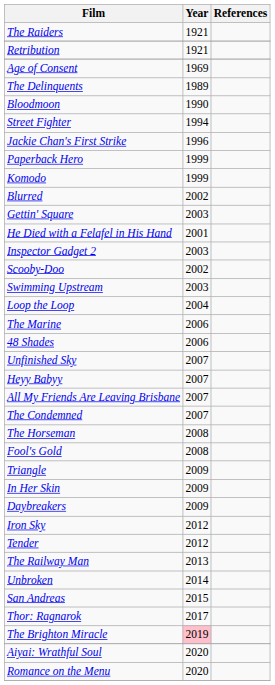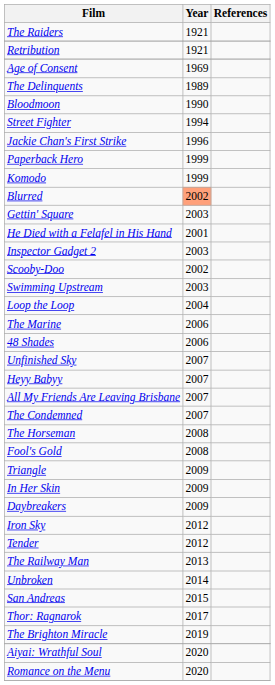 <table class="sortable wikitable" style="text-align: left">
 <tr>
 <th>Film</th>
 <th>Year</th>
 <th>References</th>
 </tr>
 <tr>
 <td><em><a href='#'>The Raiders</a></em></td>
 <td>1921</td>
 <td></td>
 </tr>
 <tr>
 </tr>
 <tr>
 <td><em><a href='#'>Retribution</a></em></td>
 <td>1921</td>
 <td></td>
 </tr>
 <tr>
 </tr>
 <tr>
 <td><em><a href='#'>Age of Consent</a></em></td>
 <td>1969</td>
 <td></td>
 </tr>
 <tr>
 <td><em><a href='#'>The Delinquents</a></em></td>
 <td>1989</td>
 <td></td>
 </tr>
 <tr>
 <td><em><a href='#'>Bloodmoon</a></em></td>
 <td>1990</td>
 <td></td>
 </tr>
 <tr>
 <td><em><a href='#'>Street Fighter</a></em></td>
 <td>1994</td>
 <td></td>
 </tr>
 <tr>
 <td><em><a href='#'>Jackie Chan's First Strike</a></em></td>
 <td>1996</td>
 <td></td>
 </tr>
 <tr>
 <td><em><a href='#'>Paperback Hero</a></em></td>
 <td>1999</td>
 <td></td>
 </tr>
 <tr>
 <td><em><a href='#'>Komodo</a></em></td>
 <td>1999</td>
 <td></td>
 </tr>
 <tr>
 <td><em><a href='#'>Blurred</a></em></td>
-<td>2002</td>
+<td style="background: lightsalmon;">2002</td>
 <td></td>
 </tr>
 <tr>
 <td><em><a href='#'>Gettin' Square</a></em></td>
 <td>2003</td>
 <td></td>
 </tr>
 <tr>
 <td><em><a href='#'>He Died with a Felafel in His Hand</a></em></td>
 <td>2001</td>
 <td></td>
 </tr>
 <tr>
 <td><em><a href='#'>Inspector Gadget 2</a></em></td>
 <td>2003</td>
 <td></td>
 </tr>
 <tr>
 <td><em><a href='#'>Scooby-Doo</a></em></td>
 <td>2002</td>
 <td></td>
 </tr>
 <tr>
 <td><em><a href='#'>Swimming Upstream</a></em></td>
 <td>2003</td>
 <td></td>
 </tr>
 <tr>
 <td><em><a href='#'>Loop the Loop</a></em></td>
 <td>2004</td>
 <td></td>
 </tr>
 <tr>
 <td><em><a href='#'>The Marine</a></em></td>
 <td>2006</td>
 <td></td>
 </tr>
 <tr>
 <td><em><a href='#'>48 Shades</a></em></td>
 <td>2006</td>
 <td></td>
 </tr>
 <tr>
 <td><em><a href='#'>Unfinished Sky</a></em></td>
 <td>2007</td>
 <td></td>
 </tr>
 <tr>
 <td><em><a href='#'>Heyy Babyy</a></em></td>
 <td>2007</td>
 <td></td>
 </tr>
 <tr>
 <td><em><a href='#'>All My Friends Are Leaving Brisbane</a></em></td>
 <td>2007</td>
 <td></td>
 </tr>
 <tr>
 <td><em><a href='#'>The Condemned</a></em></td>
 <td>2007</td>
 <td></td>
 </tr>
 <tr>
 <td><em><a href='#'>The Horseman</a></em></td>
 <td>2008</td>
 <td></td>
 </tr>
 <tr>
 <td><em><a href='#'>Fool's Gold</a></em></td>
 <td>2008</td>
 <td></td>
 </tr>
 <tr>
 <td><em><a href='#'>Triangle</a></em></td>
 <td>2009</td>
 <td></td>
 </tr>
 <tr>
 <td><em><a href='#'>In Her Skin</a></em></td>
 <td>2009</td>
 <td></td>
 </tr>
 <tr>
 <td><em><a href='#'>Daybreakers</a></em></td>
 <td>2009</td>
 <td></td>
 </tr>
 <tr>
 <td><em><a href='#'>Iron Sky</a></em></td>
 <td>2012</td>
 <td></td>
 </tr>
 <tr>
 <td><em><a href='#'>Tender</a></em></td>
 <td>2012</td>
 <td></td>
 </tr>
 <tr>
 <td><em><a href='#'>The Railway Man</a></em></td>
 <td>2013</td>
 <td></td>
 </tr>
 <tr>
 <td><em><a href='#'>Unbroken</a></em></td>
 <td>2014</td>
 <td></td>
 </tr>
 <tr>
 <td><em><a href='#'>San Andreas</a></em></td>
 <td>2015</td>
 <td></td>
 </tr>
 <tr>
 <td><em><a href='#'>Thor: Ragnarok</a></em></td>
 <td>2017</td>
 <td></td>
 </tr>
 <tr>
 <td><em><a href='#'>The Brighton Miracle</a></em></td>
-<td style="background: pink;">2019</td>
+<td>2019</td>
 <td></td>
 </tr>
 <tr>
 </tr>
 <tr>
 <td><em><a href='#'>Aiyai: Wrathful Soul</a></em></td>
 <td>2020</td>
 <td></td>
 </tr>
 <tr>
 <td><em><a href='#'>Romance on the Menu</a></em></td>
 <td>2020</td>
 <td></td>
 </tr>
 <tr>
 </tr>
 </table>
